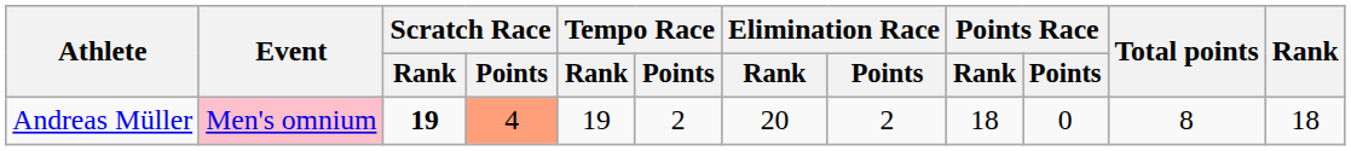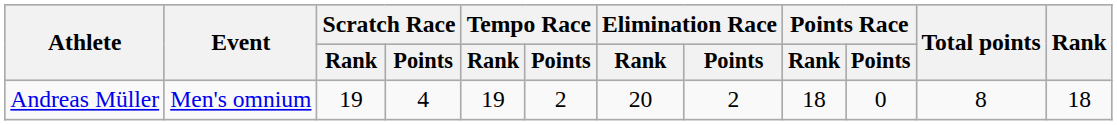 <table class="wikitable" style="font-size:90%">
 <tr>
 <th rowspan="2">Athlete</th>
 <th rowspan="2">Event</th>
 <th colspan=2>Scratch Race</th>
 <th colspan=2>Tempo Race</th>
 <th colspan=2>Elimination Race</th>
 <th colspan=2>Points Race</th>
 <th rowspan=2>Total points</th>
 <th rowspan=2>Rank</th>
 </tr>
 <tr style="font-size:95%">
 <th>Rank</th>
 <th>Points</th>
 <th>Rank</th>
 <th>Points</th>
 <th>Rank</th>
 <th>Points</th>
 <th>Rank</th>
 <th>Points</th>
 </tr>
 <tr align=center>
 <td align=left><a href='#'>Andreas Müller</a></td>
-<td align=left style="background: pink;"><a href='#'>Men's omnium</a></td>
-<td><strong>19</strong></td>
-<td style="background: lightsalmon;">4</td>
+<td align=left><a href='#'>Men's omnium</a></td>
+<td>19</td>
+<td>4</td>
 <td>19</td>
 <td>2</td>
 <td>20</td>
 <td>2</td>
 <td>18</td>
 <td>0</td>
 <td>8</td>
 <td>18</td>
 </tr>
 </table>
